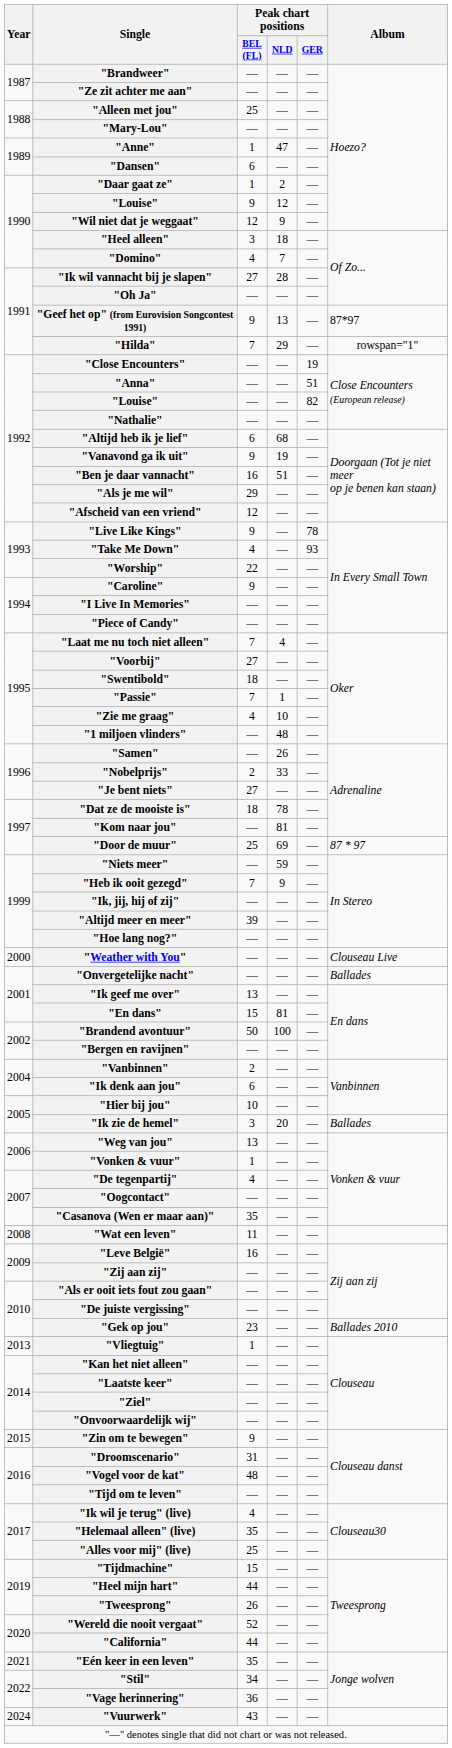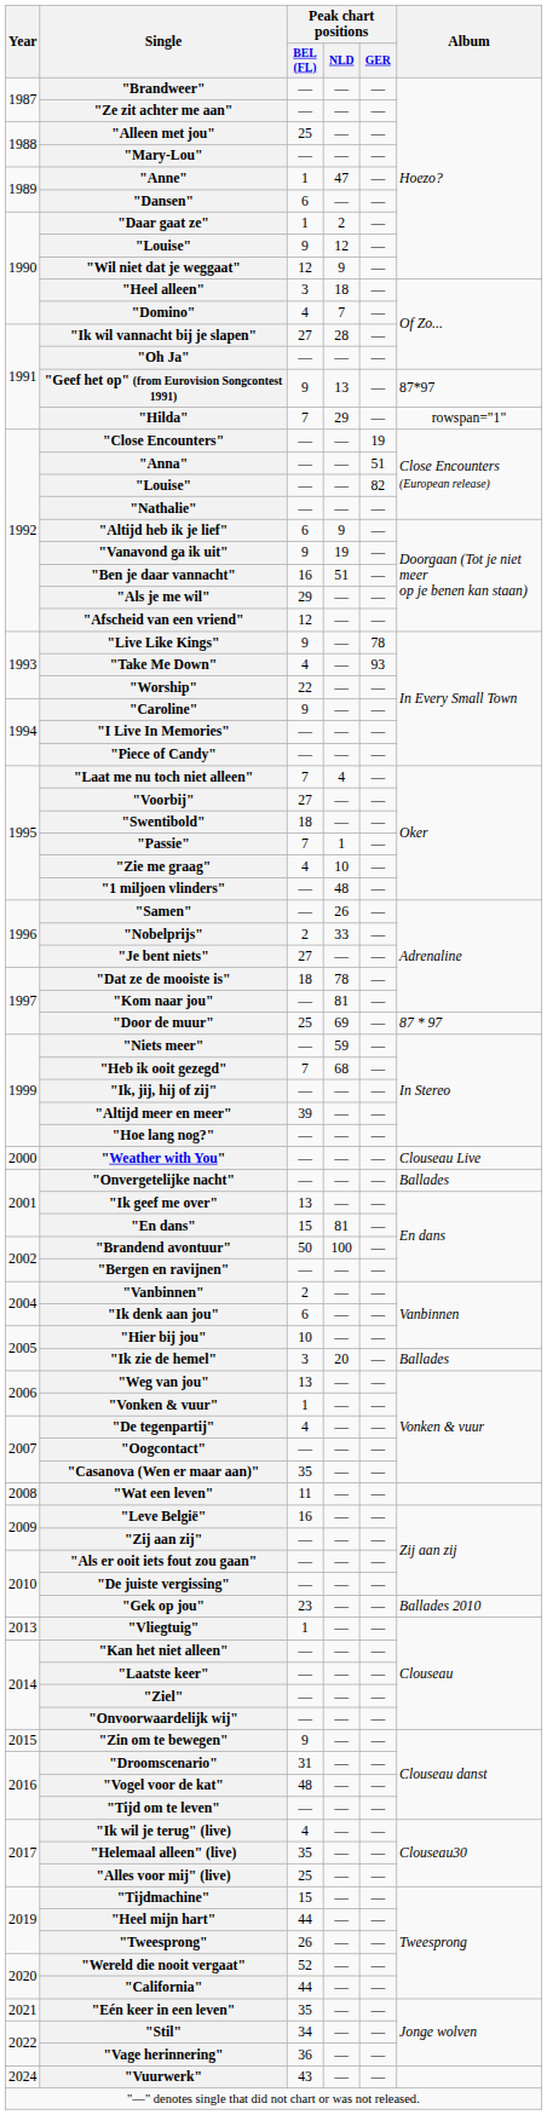 <table class="wikitable plainrowheaders" style="text-align:center;">
 <tr>
 <th rowspan="2">Year</th>
 <th rowspan="2">Single</th>
 <th colspan="3">Peak chart positions</th>
 <th rowspan="2">Album</th>
 </tr>
 <tr style="font-size:smaller">
 <th width="35"><a href='#'>BEL<br>(FL)</a><br></th>
 <th width="35"><a href='#'>NLD</a><br></th>
 <th width="35"><a href='#'>GER</a><br></th>
 </tr>
 <tr>
 <td rowspan="2">1987</td>
 <th scope="row">"Brandweer"</th>
 <td>—</td>
 <td>—</td>
 <td>—</td>
 <td align="left" rowspan="9"><em>Hoezo?</em></td>
 </tr>
 <tr>
 <th scope="row">"Ze zit achter me aan"</th>
 <td>—</td>
 <td>—</td>
 <td>—</td>
 </tr>
 <tr>
 <td rowspan="2">1988</td>
 <th scope="row">"Alleen met jou"</th>
 <td>25</td>
 <td>—</td>
 <td>—</td>
 </tr>
 <tr>
 <th scope="row">"Mary-Lou"</th>
 <td>—</td>
 <td>—</td>
 <td>—</td>
 </tr>
 <tr>
 <td rowspan="2">1989</td>
 <th scope="row">"Anne"</th>
 <td>1</td>
 <td>47</td>
 <td>—</td>
 </tr>
 <tr>
 <th scope="row">"Dansen"</th>
 <td>6</td>
 <td>—</td>
 <td>—</td>
 </tr>
 <tr>
 <td rowspan="5">1990</td>
 <th scope="row">"Daar gaat ze"</th>
 <td>1</td>
 <td>2</td>
 <td>—</td>
 </tr>
 <tr>
 <th scope="row">"Louise"</th>
 <td>9</td>
 <td>12</td>
 <td>—</td>
 </tr>
 <tr>
 <th scope="row">"Wil niet dat je weggaat"</th>
 <td>12</td>
 <td>9</td>
 <td>—</td>
 </tr>
 <tr>
 <th scope="row">"Heel alleen"</th>
 <td>3</td>
 <td>18</td>
 <td>—</td>
 <td align="left" rowspan="4"><em>Of Zo...</em></td>
 </tr>
 <tr>
 <th scope="row">"Domino"</th>
 <td>4</td>
 <td>7</td>
 <td>—</td>
 </tr>
 <tr>
 <td rowspan="4">1991</td>
 <th scope="row">"Ik wil vannacht bij je slapen"</th>
 <td>27</td>
 <td>28</td>
 <td>—</td>
 </tr>
 <tr>
 <th scope="row">"Oh Ja"</th>
 <td>—</td>
 <td>—</td>
 <td>—</td>
 </tr>
 <tr>
 <th scope="row">"Geef het op" <small>(from Eurovision Songcontest 1991)</small></th>
 <td>9</td>
 <td>13</td>
 <td>—</td>
 <td align="left" rowspan="1">87*97</td>
 </tr>
 <tr>
 <th scope="row">"Hilda"</th>
 <td>7</td>
 <td>29</td>
 <td>—</td>
 <td>rowspan="1" </td>
 </tr>
 <tr>
 <td rowspan="9">1992</td>
 <th scope="row">"Close Encounters"</th>
 <td>—</td>
 <td>—</td>
 <td>19</td>
 <td align="left" rowspan="4"><em>Close Encounters</em><br><small><em>(European release)</em></small></td>
 </tr>
 <tr>
 <th scope="row">"Anna"</th>
 <td>—</td>
 <td>—</td>
 <td>51</td>
 </tr>
 <tr>
 <th scope="row">"Louise"</th>
 <td>—</td>
 <td>—</td>
 <td>82</td>
 </tr>
 <tr>
 <th scope="row">"Nathalie"</th>
 <td>—</td>
 <td>—</td>
 <td>—</td>
 </tr>
 <tr>
 <th scope="row">"Altijd heb ik je lief"</th>
 <td>6</td>
-<td>68</td>
+<td>9</td>
 <td>—</td>
 <td align="left" rowspan="5"><em>Doorgaan (Tot je niet meer<br>op je benen kan staan)</em></td>
 </tr>
 <tr>
 <th scope="row">"Vanavond ga ik uit"</th>
 <td>9</td>
 <td>19</td>
 <td>—</td>
 </tr>
 <tr>
 <th scope="row">"Ben je daar vannacht"</th>
 <td>16</td>
 <td>51</td>
 <td>—</td>
 </tr>
 <tr>
 <th scope="row">"Als je me wil"</th>
 <td>29</td>
 <td>—</td>
 <td>—</td>
 </tr>
 <tr>
 <th scope="row">"Afscheid van een vriend"</th>
 <td>12</td>
 <td>—</td>
 <td>—</td>
 </tr>
 <tr>
 <td rowspan="3">1993</td>
 <th scope="row">"Live Like Kings"</th>
 <td>9</td>
 <td>—</td>
 <td>78</td>
 <td align="left" rowspan="6"><em>In Every Small Town</em></td>
 </tr>
 <tr>
 <th scope="row">"Take Me Down"</th>
 <td>4</td>
 <td>—</td>
 <td>93</td>
 </tr>
 <tr>
 <th scope="row">"Worship"</th>
 <td>22</td>
 <td>—</td>
 <td>—</td>
 </tr>
 <tr>
 <td rowspan="3">1994</td>
 <th scope="row">"Caroline"</th>
 <td>9</td>
 <td>—</td>
 <td>—</td>
 </tr>
 <tr>
 <th scope="row">"I Live In Memories"</th>
 <td>—</td>
 <td>—</td>
 <td>—</td>
 </tr>
 <tr>
 <th scope="row">"Piece of Candy"</th>
 <td>—</td>
 <td>—</td>
 <td>—</td>
 </tr>
 <tr>
 <td rowspan="6">1995</td>
 <th scope="row">"Laat me nu toch niet alleen"</th>
 <td>7</td>
 <td>4</td>
 <td>—</td>
 <td align="left" rowspan="6"><em>Oker</em></td>
 </tr>
 <tr>
 <th scope="row">"Voorbij"</th>
 <td>27</td>
 <td>—</td>
 <td>—</td>
 </tr>
 <tr>
 <th scope="row">"Swentibold"</th>
 <td>18</td>
 <td>—</td>
 <td>—</td>
 </tr>
 <tr>
 <th scope="row">"Passie"</th>
 <td>7</td>
 <td>1</td>
 <td>—</td>
 </tr>
 <tr>
 <th scope="row">"Zie me graag"</th>
 <td>4</td>
 <td>10</td>
 <td>—</td>
 </tr>
 <tr>
 <th scope="row">"1 miljoen vlinders"</th>
 <td>—</td>
 <td>48</td>
 <td>—</td>
 </tr>
 <tr>
 <td rowspan="3">1996</td>
 <th scope="row">"Samen"</th>
 <td>—</td>
 <td>26</td>
 <td>—</td>
 <td align="left" rowspan="5"><em>Adrenaline</em></td>
 </tr>
 <tr>
 <th scope="row">"Nobelprijs"</th>
 <td>2</td>
 <td>33</td>
 <td>—</td>
 </tr>
 <tr>
 <th scope="row">"Je bent niets"</th>
 <td>27</td>
 <td>—</td>
 <td>—</td>
 </tr>
 <tr>
 <td rowspan="3">1997</td>
 <th scope="row">"Dat ze de mooiste is"</th>
 <td>18</td>
 <td>78</td>
 <td>—</td>
 </tr>
 <tr>
 <th scope="row">"Kom naar jou"</th>
 <td>—</td>
 <td>81</td>
 <td>—</td>
 </tr>
 <tr>
 <th scope="row">"Door de muur"</th>
 <td>25</td>
 <td>69</td>
 <td>—</td>
 <td align="left"><em>87 * 97</em></td>
 </tr>
 <tr>
 <td rowspan="5">1999</td>
 <th scope="row">"Niets meer"</th>
 <td>—</td>
 <td>59</td>
 <td>—</td>
 <td align="left" rowspan="5"><em>In Stereo</em></td>
 </tr>
 <tr>
 <th scope="row">"Heb ik ooit gezegd"</th>
 <td>7</td>
-<td>9</td>
+<td>68</td>
 <td>—</td>
 </tr>
 <tr>
 <th scope="row">"Ik, jij, hij of zij"</th>
 <td>—</td>
 <td>—</td>
 <td>—</td>
 </tr>
 <tr>
 <th scope="row">"Altijd meer en meer"</th>
 <td>39</td>
 <td>—</td>
 <td>—</td>
 </tr>
 <tr>
 <th scope="row">"Hoe lang nog?"</th>
 <td>—</td>
 <td>—</td>
 <td>—</td>
 </tr>
 <tr>
 <td>2000</td>
 <th scope="row">"<a href='#'>Weather with You</a>"</th>
 <td>—</td>
 <td>—</td>
 <td>—</td>
 <td align="left"><em>Clouseau Live</em></td>
 </tr>
 <tr>
 <td rowspan="3">2001</td>
 <th scope="row">"Onvergetelijke nacht"</th>
 <td>—</td>
 <td>—</td>
 <td>—</td>
 <td align="left"><em>Ballades</em></td>
 </tr>
 <tr>
 <th scope="row">"Ik geef me over"</th>
 <td>13</td>
 <td>—</td>
 <td>—</td>
 <td align="left" rowspan="4"><em>En dans</em></td>
 </tr>
 <tr>
 <th scope="row">"En dans"</th>
 <td>15</td>
 <td>81</td>
 <td>—</td>
 </tr>
 <tr>
 <td rowspan="2">2002</td>
 <th scope="row">"Brandend avontuur"</th>
 <td>50</td>
 <td>100</td>
 <td>—</td>
 </tr>
 <tr>
 <th scope="row">"Bergen en ravijnen"</th>
 <td>—</td>
 <td>—</td>
 <td>—</td>
 </tr>
 <tr>
 <td rowspan="2">2004</td>
 <th scope="row">"Vanbinnen"</th>
 <td>2</td>
 <td>—</td>
 <td>—</td>
 <td align="left" rowspan="3"><em>Vanbinnen</em></td>
 </tr>
 <tr>
 <th scope="row">"Ik denk aan jou"</th>
 <td>6</td>
 <td>—</td>
 <td>—</td>
 </tr>
 <tr>
 <td rowspan="2">2005</td>
 <th scope="row">"Hier bij jou"</th>
 <td>10</td>
 <td>—</td>
 <td>—</td>
 </tr>
 <tr>
 <th scope="row">"Ik zie de hemel"</th>
 <td>3</td>
 <td>20</td>
 <td>—</td>
 <td align="left"><em>Ballades</em></td>
 </tr>
 <tr>
 <td rowspan="2">2006</td>
 <th scope="row">"Weg van jou"</th>
 <td>13</td>
 <td>—</td>
 <td>—</td>
 <td align="left" rowspan="5"><em>Vonken & vuur</em></td>
 </tr>
 <tr>
 <th scope="row">"Vonken & vuur"</th>
 <td>1</td>
 <td>—</td>
 <td>—</td>
 </tr>
 <tr>
 <td rowspan="3">2007</td>
 <th scope="row">"De tegenpartij"</th>
 <td>4</td>
 <td>—</td>
 <td>—</td>
 </tr>
 <tr>
 <th scope="row">"Oogcontact"</th>
 <td>—</td>
 <td>—</td>
 <td>—</td>
 </tr>
 <tr>
 <th scope="row">"Casanova (Wen er maar aan)"</th>
 <td>35</td>
 <td>—</td>
 <td>—</td>
 </tr>
 <tr>
 <td>2008</td>
 <th scope="row">"Wat een leven"</th>
 <td>11</td>
 <td>—</td>
 <td>—</td>
 <td></td>
 </tr>
 <tr>
 <td rowspan="2">2009</td>
 <th scope="row">"Leve België"</th>
 <td>16</td>
 <td>—</td>
 <td>—</td>
 <td align="left" rowspan="4"><em>Zij aan zij</em></td>
 </tr>
 <tr>
 <th scope="row">"Zij aan zij"</th>
 <td>—</td>
 <td>—</td>
 <td>—</td>
 </tr>
 <tr>
 <td rowspan="3">2010</td>
 <th scope="row">"Als er ooit iets fout zou gaan"</th>
 <td>—</td>
 <td>—</td>
 <td>—</td>
 </tr>
 <tr>
 <th scope="row">"De juiste vergissing"</th>
 <td>—</td>
 <td>—</td>
 <td>—</td>
 </tr>
 <tr>
 <th scope="row">"Gek op jou"</th>
 <td>23</td>
 <td>—</td>
 <td>—</td>
 <td align="left"><em>Ballades 2010</em></td>
 </tr>
 <tr>
 <td>2013</td>
 <th scope="row">"Vliegtuig"</th>
 <td>1</td>
 <td>—</td>
 <td>—</td>
 <td align="left" rowspan="5"><em>Clouseau</em></td>
 </tr>
 <tr>
 <td rowspan="4">2014</td>
 <th scope="row">"Kan het niet alleen"</th>
 <td>—</td>
 <td>—</td>
 <td>—</td>
 </tr>
 <tr>
 <th scope="row">"Laatste keer"</th>
 <td>—</td>
 <td>—</td>
 <td>—</td>
 </tr>
 <tr>
 <th scope="row">"Ziel"</th>
 <td>—</td>
 <td>—</td>
 <td>—</td>
 </tr>
 <tr>
 <th scope="row">"Onvoorwaardelijk wij"</th>
 <td>—</td>
 <td>—</td>
 <td>—</td>
 </tr>
 <tr>
 <td>2015</td>
 <th scope="row">"Zin om te bewegen"</th>
 <td>9</td>
 <td>—</td>
 <td>—</td>
 <td align="left" rowspan="4"><em>Clouseau danst</em></td>
 </tr>
 <tr>
 <td rowspan="3">2016</td>
 <th scope="row">"Droomscenario"</th>
 <td>31</td>
 <td>—</td>
 <td>—</td>
 </tr>
 <tr>
 <th scope="row">"Vogel voor de kat"</th>
 <td>48</td>
 <td>—</td>
 <td>—</td>
 </tr>
 <tr>
 <th scope="row">"Tijd om te leven"</th>
 <td>—</td>
 <td>—</td>
 <td>—</td>
 </tr>
 <tr>
 <td rowspan="3">2017</td>
 <th scope="row">"Ik wil je terug" (live)</th>
 <td>4</td>
 <td>—</td>
 <td>—</td>
 <td align="left" rowspan="3"><em>Clouseau30</em></td>
 </tr>
 <tr>
 <th scope="row">"Helemaal alleen" (live)</th>
 <td>35</td>
 <td>—</td>
 <td>—</td>
 </tr>
 <tr>
 <th scope="row">"Alles voor mij" (live)</th>
 <td>25</td>
 <td>—</td>
 <td>—</td>
 </tr>
 <tr>
 <td rowspan="3">2019</td>
 <th scope="row">"Tijdmachine"</th>
 <td>15</td>
 <td>—</td>
 <td>—</td>
 <td align="left" rowspan="5"><em>Tweesprong</em></td>
 </tr>
 <tr>
 <th scope="row">"Heel mijn hart"</th>
 <td>44</td>
 <td>—</td>
 <td>—</td>
 </tr>
 <tr>
 <th scope="row">"Tweesprong"</th>
 <td>26</td>
 <td>—</td>
 <td>—</td>
 </tr>
 <tr>
 <td rowspan="2">2020</td>
 <th scope="row">"Wereld die nooit vergaat"</th>
 <td>52</td>
 <td>—</td>
 <td>—</td>
 </tr>
 <tr>
 <th scope="row">"California"</th>
 <td>44</td>
 <td>—</td>
 <td>—</td>
 </tr>
 <tr>
 <td>2021</td>
 <th scope="row">"Eén keer in een leven"</th>
 <td>35</td>
 <td>—</td>
 <td>—</td>
 <td align="left" rowspan="3"><em>Jonge wolven</em></td>
 </tr>
 <tr>
 <td rowspan="2">2022</td>
 <th scope="row">"Stil"</th>
 <td>34</td>
 <td>—</td>
 <td>—</td>
 </tr>
 <tr>
 <th scope="row">"Vage herinnering"</th>
 <td>36</td>
 <td>—</td>
 <td>—</td>
 </tr>
 <tr>
 <td>2024</td>
 <th scope="row">"Vuurwerk"</th>
 <td>43</td>
 <td>—</td>
 <td>—</td>
 <td></td>
 </tr>
 <tr>
 <td colspan="18" style="font-size:90%">"—" denotes single that did not chart or was not released.</td>
 </tr>
 </table>
